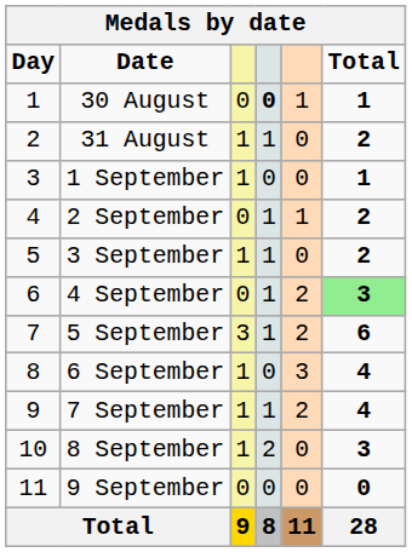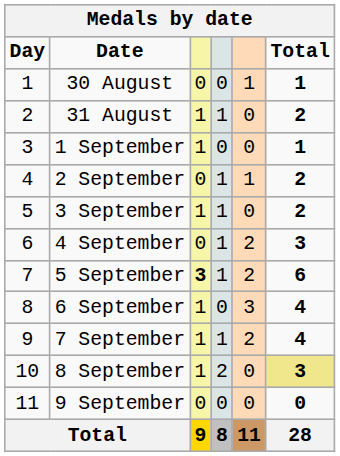 <table class="wikitable" style="font-size:95%">
 <tr style="background:#efefef;">
 <th colspan=6>Medals by date</th>
 </tr>
 <tr style="text-align:center;">
 <td><strong>Day</strong></td>
 <td><strong>Date</strong></td>
 <td bgcolor=#f7f6a8></td>
 <td bgcolor=#dce5e5></td>
 <td bgcolor=#ffdab9></td>
 <td><strong>Total</strong></td>
 </tr>
 <tr style="text-align:center;">
 <td>1</td>
 <td>30 August</td>
 <td style="background:#F7F6A8;">0</td>
-<td style="background:#DCE5E5;"><strong>0</strong></td>
+<td style="background:#DCE5E5;">0</td>
 <td style="background:#FFDAB9;">1</td>
 <td><strong>1</strong></td>
 </tr>
 <tr style="text-align:center;">
 <td>2</td>
 <td>31 August</td>
 <td style="background:#F7F6A8;">1</td>
 <td style="background:#DCE5E5;">1</td>
 <td style="background:#FFDAB9;">0</td>
 <td><strong>2</strong></td>
 </tr>
 <tr style="text-align:center;">
 <td>3</td>
 <td>1 September</td>
 <td style="background:#F7F6A8;">1</td>
 <td style="background:#DCE5E5;">0</td>
 <td style="background:#FFDAB9;">0</td>
 <td><strong>1</strong></td>
 </tr>
 <tr style="text-align:center;">
 <td>4</td>
 <td>2 September</td>
 <td style="background:#F7F6A8;">0</td>
 <td style="background:#DCE5E5;">1</td>
 <td style="background:#FFDAB9;">1</td>
 <td><strong>2</strong></td>
 </tr>
 <tr style="text-align:center;">
 <td>5</td>
 <td>3 September</td>
 <td style="background:#F7F6A8;">1</td>
 <td style="background:#DCE5E5;">1</td>
 <td style="background:#FFDAB9;">0</td>
 <td><strong>2</strong></td>
 </tr>
 <tr style="text-align:center;">
 <td>6</td>
 <td>4 September</td>
 <td style="background:#F7F6A8;">0</td>
 <td style="background:#DCE5E5;">1</td>
 <td style="background:#FFDAB9;">2</td>
-<td style="background: lightgreen;"><strong>3</strong></td>
+<td><strong>3</strong></td>
 </tr>
 <tr style="text-align:center;">
 <td>7</td>
 <td>5 September</td>
-<td style="background:#F7F6A8;">3</td>
+<td style="background:#F7F6A8;"><strong>3</strong></td>
 <td style="background:#DCE5E5;">1</td>
 <td style="background:#FFDAB9;">2</td>
 <td><strong>6</strong></td>
 </tr>
 <tr style="text-align:center;">
 <td>8</td>
 <td>6 September</td>
 <td style="background:#F7F6A8;">1</td>
 <td style="background:#DCE5E5;">0</td>
 <td style="background:#FFDAB9;">3</td>
 <td><strong>4</strong></td>
 </tr>
 <tr style="text-align:center;">
 <td>9</td>
 <td>7 September</td>
 <td style="background:#F7F6A8;">1</td>
 <td style="background:#DCE5E5;">1</td>
 <td style="background:#FFDAB9;">2</td>
 <td><strong>4</strong></td>
 </tr>
 <tr style="text-align:center;">
 <td>10</td>
 <td>8 September</td>
 <td style="background:#F7F6A8;">1</td>
 <td style="background:#DCE5E5;">2</td>
 <td style="background:#FFDAB9;">0</td>
-<td><strong>3</strong></td>
+<td style="background: khaki;"><strong>3</strong></td>
 </tr>
 <tr style="text-align:center;">
 <td>11</td>
 <td>9 September</td>
 <td style="background:#F7F6A8;">0</td>
 <td style="background:#DCE5E5;">0</td>
 <td style="background:#FFDAB9;">0</td>
 <td><strong>0</strong></td>
 </tr>
 <tr style="text-align:center;">
 <th colspan="2">Total</th>
 <th style="background:gold;">9</th>
 <th style="background:silver;">8</th>
 <th style="background:#c96;">11</th>
 <th>28</th>
 </tr>
 </table>
